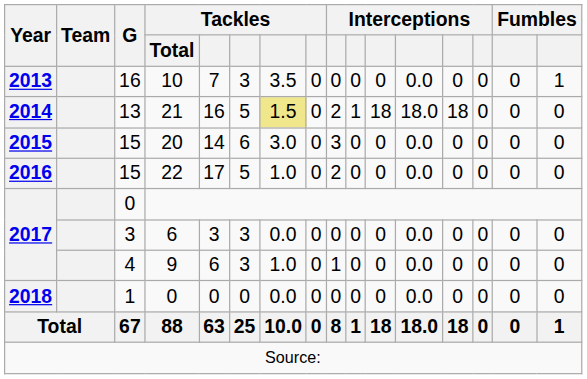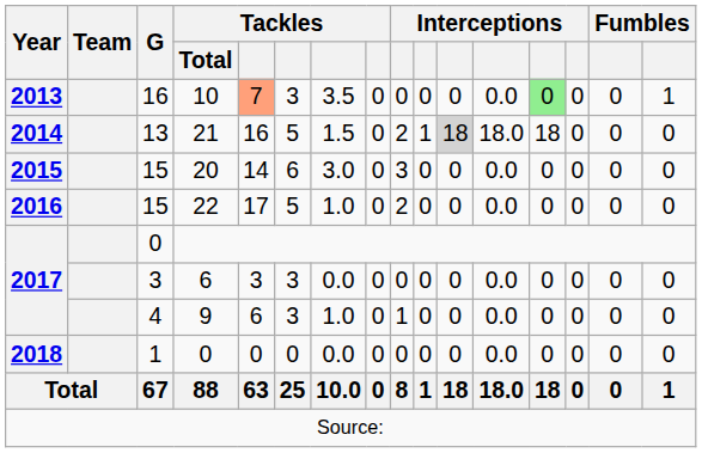 <table class="wikitable" style="text-align: center;">
 <tr>
 <th rowspan=2>Year</th>
 <th rowspan=2>Team</th>
 <th rowspan=2>G</th>
 <th colspan=5>Tackles</th>
 <th colspan=6>Interceptions</th>
 <th colspan=2>Fumbles</th>
 </tr>
 <tr>
 <th>Total</th>
 <th></th>
 <th></th>
 <th></th>
 <th></th>
 <th></th>
 <th></th>
 <th></th>
 <th></th>
 <th></th>
 <th></th>
 <th></th>
 <th></th>
 </tr>
 <tr>
 <th><a href='#'>2013</a></th>
 <th></th>
 <td>16</td>
 <td>10</td>
-<td>7</td>
+<td style="background: lightsalmon;">7</td>
 <td>3</td>
 <td>3.5</td>
 <td>0</td>
 <td>0</td>
 <td>0</td>
 <td>0</td>
 <td>0.0</td>
-<td>0</td>
+<td style="background: lightgreen;">0</td>
 <td>0</td>
 <td>0</td>
 <td>1</td>
 </tr>
 <tr>
 <th><a href='#'>2014</a></th>
 <th></th>
 <td>13</td>
 <td>21</td>
 <td>16</td>
 <td>5</td>
-<td style="background: khaki;">1.5</td>
+<td>1.5</td>
 <td>0</td>
 <td>2</td>
 <td>1</td>
-<td>18</td>
+<td style="background: lightgrey;">18</td>
 <td>18.0</td>
 <td>18</td>
 <td>0</td>
 <td>0</td>
 <td>0</td>
 </tr>
 <tr>
 <th><a href='#'>2015</a></th>
 <th></th>
 <td>15</td>
 <td>20</td>
 <td>14</td>
 <td>6</td>
 <td>3.0</td>
 <td>0</td>
 <td>3</td>
 <td>0</td>
 <td>0</td>
 <td>0.0</td>
 <td>0</td>
 <td>0</td>
 <td>0</td>
 <td>0</td>
 </tr>
 <tr>
 <th><a href='#'>2016</a></th>
 <th></th>
 <td>15</td>
 <td>22</td>
 <td>17</td>
 <td>5</td>
 <td>1.0</td>
 <td>0</td>
 <td>2</td>
 <td>0</td>
 <td>0</td>
 <td>0.0</td>
 <td>0</td>
 <td>0</td>
 <td>0</td>
 <td>0</td>
 </tr>
 <tr>
 <th rowspan=3><a href='#'>2017</a></th>
 <th></th>
 <td>0</td>
 <td colspan="14"><strong></strong></td>
 </tr>
 <tr>
 <th></th>
 <td>3</td>
 <td>6</td>
 <td>3</td>
 <td>3</td>
 <td>0.0</td>
 <td>0</td>
 <td>0</td>
 <td>0</td>
 <td>0</td>
 <td>0.0</td>
 <td>0</td>
 <td>0</td>
 <td>0</td>
 <td>0</td>
 </tr>
 <tr>
 <th></th>
 <td>4</td>
 <td>9</td>
 <td>6</td>
 <td>3</td>
 <td>1.0</td>
 <td>0</td>
 <td>1</td>
 <td>0</td>
 <td>0</td>
 <td>0.0</td>
 <td>0</td>
 <td>0</td>
 <td>0</td>
 <td>0</td>
 </tr>
 <tr>
 <th><a href='#'>2018</a></th>
 <th></th>
 <td>1</td>
 <td>0</td>
 <td>0</td>
 <td>0</td>
 <td>0.0</td>
 <td>0</td>
 <td>0</td>
 <td>0</td>
 <td>0</td>
 <td>0.0</td>
 <td>0</td>
 <td>0</td>
 <td>0</td>
 <td>0</td>
 </tr>
 <tr>
 <th colspan=2>Total</th>
 <th>67</th>
 <th>88</th>
 <th>63</th>
 <th>25</th>
 <th>10.0</th>
 <th>0</th>
 <th>8</th>
 <th>1</th>
 <th>18</th>
 <th>18.0</th>
 <th>18</th>
 <th>0</th>
 <th>0</th>
 <th>1</th>
 </tr>
 <tr>
 <td colspan="16"><small>Source: </small></td>
 </tr>
 </table>
